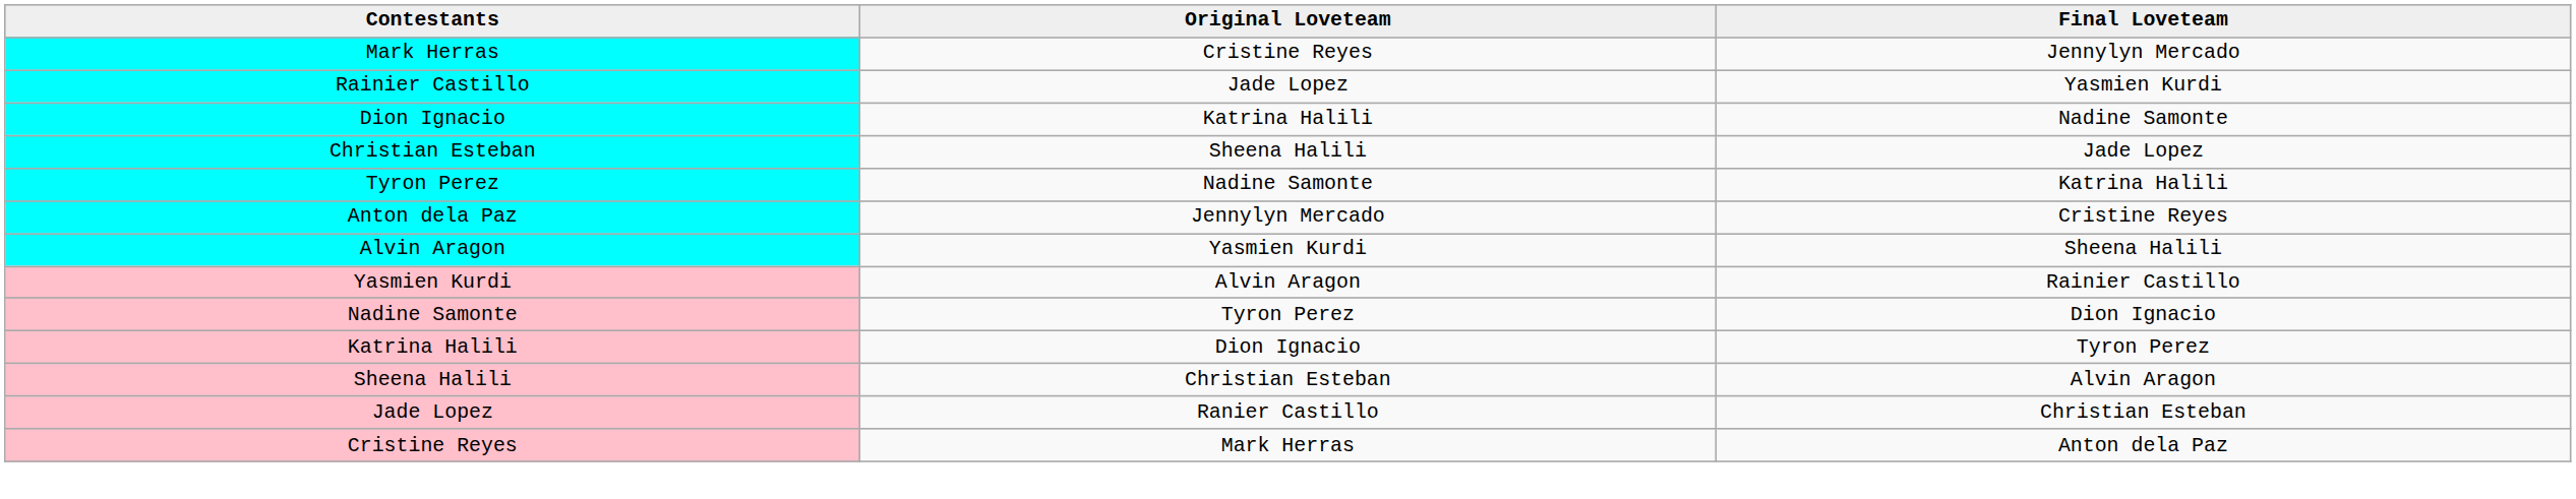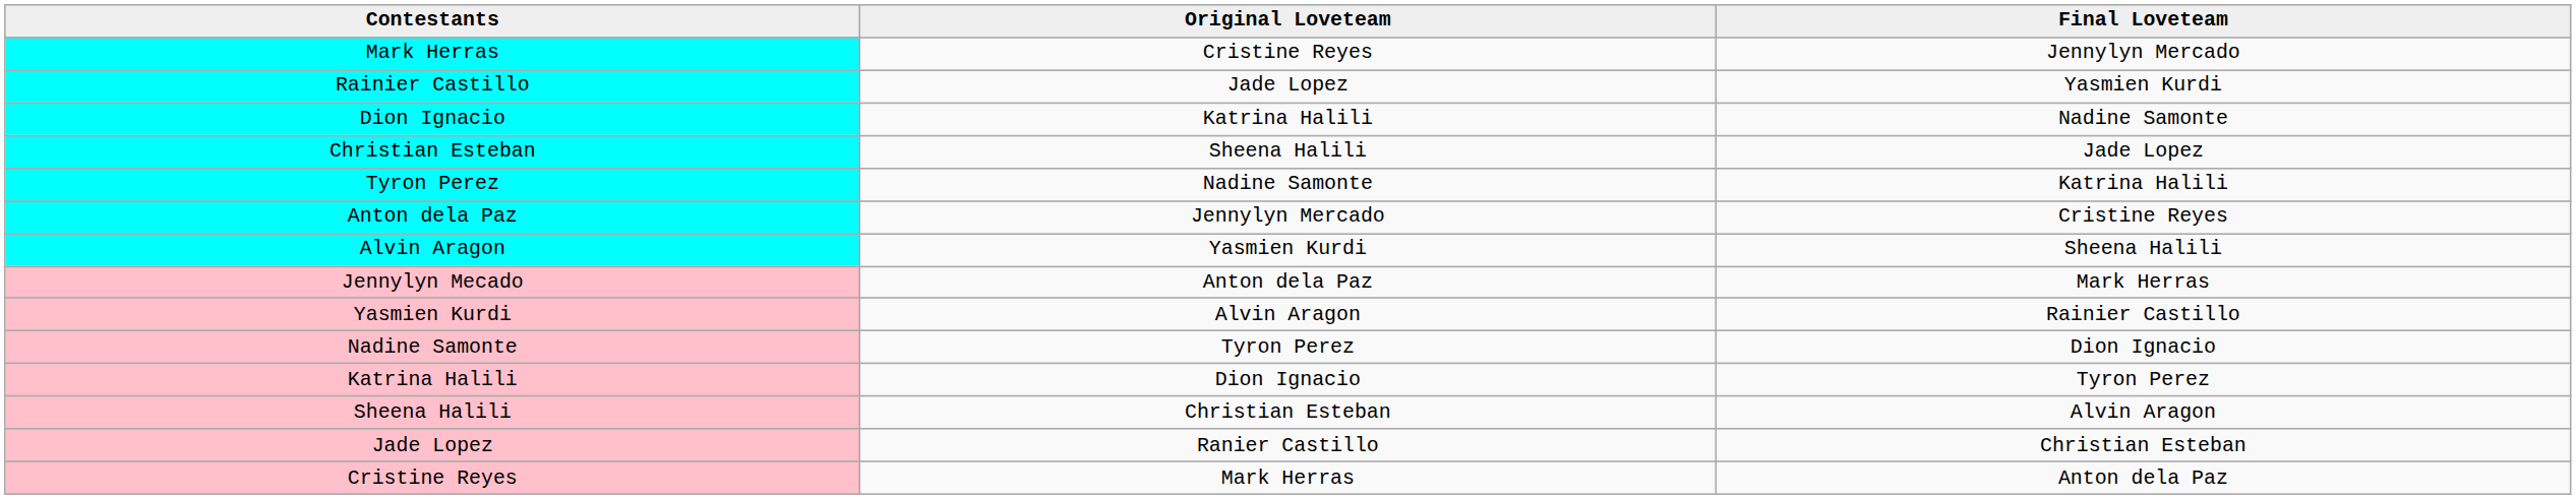 <table class="wikitable nowrap" style="text-align:center; font-size:95%;width:99%;">
 <tr>
 <th scope="col" style="background:#EFEFEF;">Contestants</th>
 <th scope="col" style="background:#EFEFEF;">Original Loveteam</th>
 <th scope="col" style="background:#EFEFEF;">Final Loveteam</th>
 </tr>
 <tr>
 <td style="background:cyan;">Mark Herras</td>
 <td>Cristine Reyes</td>
 <td>Jennylyn Mercado</td>
 </tr>
 <tr>
 <td style="background:cyan;">Rainier Castillo</td>
 <td>Jade Lopez</td>
 <td>Yasmien Kurdi</td>
 </tr>
 <tr>
 <td style="background:cyan;">Dion Ignacio</td>
 <td>Katrina Halili</td>
 <td>Nadine Samonte</td>
 </tr>
 <tr>
 <td style="background:cyan;">Christian Esteban</td>
 <td>Sheena Halili</td>
 <td>Jade Lopez</td>
 </tr>
 <tr>
 <td style="background:cyan;">Tyron Perez</td>
 <td>Nadine Samonte</td>
 <td>Katrina Halili</td>
 </tr>
 <tr>
 <td style="background:cyan;">Anton dela Paz</td>
 <td>Jennylyn Mercado</td>
 <td>Cristine Reyes</td>
 </tr>
 <tr>
 <td style="background:cyan;">Alvin Aragon</td>
 <td>Yasmien Kurdi</td>
 <td>Sheena Halili</td>
 </tr>
 <tr>
+<td style="background:pink;">Jennylyn Mecado</td>
+<td>Anton dela Paz</td>
+<td>Mark Herras</td>
+</tr>
+<tr>
 <td style="background:pink;">Yasmien Kurdi</td>
 <td>Alvin Aragon</td>
 <td>Rainier Castillo</td>
 </tr>
 <tr>
 <td style="background:pink;">Nadine Samonte</td>
 <td>Tyron Perez</td>
 <td>Dion Ignacio</td>
 </tr>
 <tr>
 <td style="background:pink;">Katrina Halili</td>
 <td>Dion Ignacio</td>
 <td>Tyron Perez</td>
 </tr>
 <tr>
 <td style="background:pink;">Sheena Halili</td>
 <td>Christian Esteban</td>
 <td>Alvin Aragon</td>
 </tr>
 <tr>
 <td style="background:pink;">Jade Lopez</td>
 <td>Ranier Castillo</td>
 <td>Christian Esteban</td>
 </tr>
 <tr>
 <td style="background:pink;">Cristine Reyes</td>
 <td>Mark Herras</td>
 <td>Anton dela Paz</td>
 </tr>
 </table>
